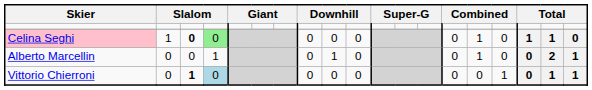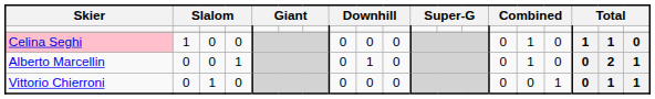 <table class="wikitable sortable" width=800px style="font-size:100%; text-align:center; border: 2px solid black">
 <tr>
 <th width=200px>Skier</th>
 <th colspan=3 width=100px>Slalom</th>
 <th colspan=3 width=100px>Giant</th>
 <th colspan=3 width=100px>Downhill</th>
 <th colspan=3 width=100px>Super-G</th>
 <th colspan=3 width=100px>Combined</th>
 <th colspan=3 width=100px>Total</th>
 </tr>
 <tr>
 <td></td>
 <td></td>
 <td></td>
 <td style="border-right: 2px solid black;"></td>
 <td></td>
 <td></td>
 <td style="border-right: 2px solid black;"></td>
 <td></td>
 <td></td>
 <td style="border-right: 2px solid black;"></td>
 <td></td>
 <td></td>
 <td style="border-right: 2px solid black;"></td>
 <td></td>
 <td></td>
 <td style="border-right: 2px solid black;"></td>
 <td></td>
 <td></td>
 <td></td>
 </tr>
 <tr>
 </tr>
 <tr>
 <td align=left bgcolor=pink><a href='#'>Celina Seghi</a></td>
 <td>1</td>
-<td><strong>0</strong></td>
-<td style="background: lightgreen; border-right: 2px solid black">0</td>
+<td>0</td>
+<td style="border-right: 2px solid black">0</td>
 <td colspan=3 bgcolor=lightgrey style="border-right: 2px solid black"></td>
 <td>0</td>
 <td>0</td>
 <td style="border-right: 2px solid black">0</td>
 <td colspan=3 bgcolor=lightgrey style="border-right: 2px solid black"></td>
 <td>0</td>
 <td>1</td>
 <td style="border-right: 2px solid black">0</td>
 <th>1</th>
 <th>1</th>
 <th>0</th>
 </tr>
 <tr>
 <td align=left><a href='#'>Alberto Marcellin</a></td>
 <td>0</td>
 <td>0</td>
 <td style="border-right: 2px solid black">1</td>
 <td colspan=3 bgcolor=lightgrey style="border-right: 2px solid black"></td>
 <td>0</td>
 <td>1</td>
 <td style="border-right: 2px solid black">0</td>
 <td colspan=3 bgcolor=lightgrey style="border-right: 2px solid black"></td>
 <td>0</td>
 <td>1</td>
 <td style="border-right: 2px solid black">0</td>
 <th>0</th>
 <th>2</th>
 <th>1</th>
 </tr>
 <tr>
 <td align=left><a href='#'>Vittorio Chierroni</a></td>
 <td>0</td>
-<td><strong>1</strong></td>
-<td style="background: lightblue; border-right: 2px solid black">0</td>
+<td>1</td>
+<td style="border-right: 2px solid black">0</td>
 <td colspan=3 bgcolor=lightgrey style="border-right: 2px solid black"></td>
 <td>0</td>
 <td>0</td>
 <td style="border-right: 2px solid black">0</td>
 <td colspan=3 bgcolor=lightgrey style="border-right: 2px solid black"></td>
 <td>0</td>
 <td>0</td>
 <td style="border-right: 2px solid black">1</td>
 <th>0</th>
 <th>1</th>
 <th>1</th>
 </tr>
 </table>
